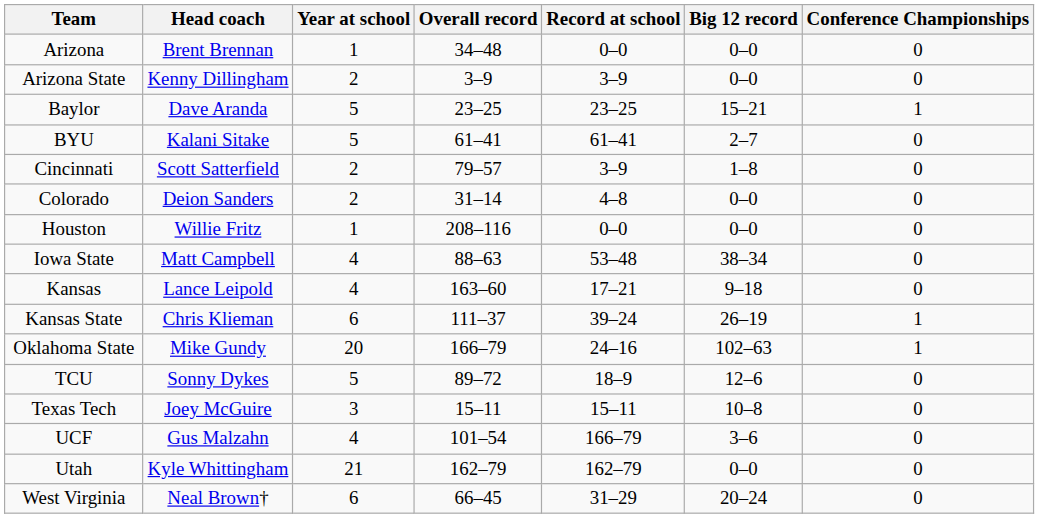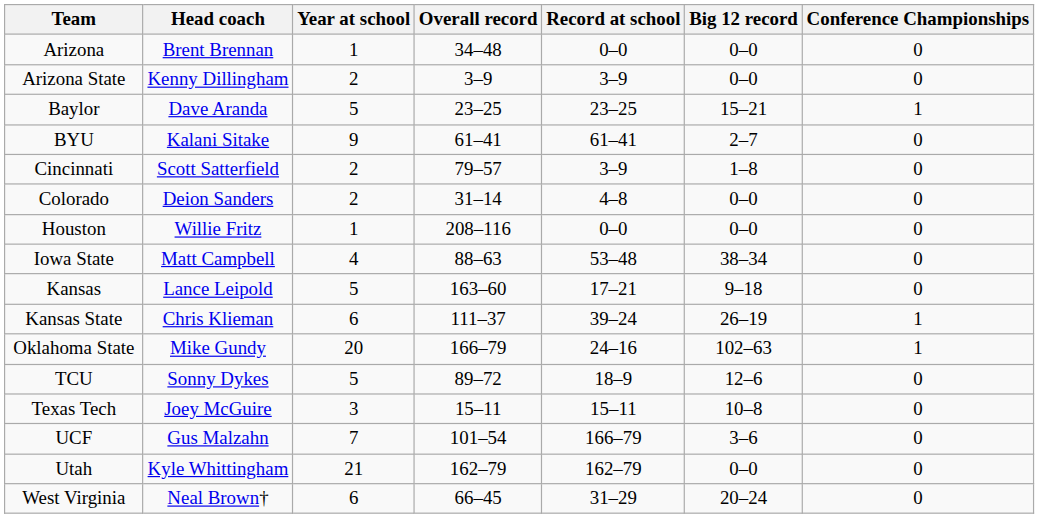 <table class="wikitable sortable" style="text-align: center;">
 <tr>
 <th style="width:110px;">Team</th>
 <th>Head coach</th>
 <th>Year at school</th>
 <th>Overall record</th>
 <th>Record at school</th>
 <th>Big 12 record</th>
 <th>Conference Championships</th>
 </tr>
 <tr>
 <td>Arizona</td>
 <td><a href='#'>Brent Brennan</a></td>
 <td>1</td>
 <td>34–48</td>
 <td>0–0</td>
 <td>0–0</td>
 <td>0</td>
 </tr>
 <tr>
 <td>Arizona State</td>
 <td><a href='#'>Kenny Dillingham</a></td>
 <td>2</td>
 <td>3–9</td>
 <td>3–9</td>
 <td>0–0</td>
 <td>0</td>
 </tr>
 <tr>
 <td>Baylor</td>
 <td><a href='#'>Dave Aranda</a></td>
 <td>5</td>
 <td>23–25</td>
 <td>23–25</td>
 <td>15–21</td>
 <td>1</td>
 </tr>
 <tr>
 <td>BYU</td>
 <td><a href='#'>Kalani Sitake</a></td>
-<td>5</td>
+<td>9</td>
 <td>61–41</td>
 <td>61–41</td>
 <td>2–7</td>
 <td>0</td>
 </tr>
 <tr>
 <td>Cincinnati</td>
 <td><a href='#'>Scott Satterfield</a></td>
 <td>2</td>
 <td>79–57</td>
 <td>3–9</td>
 <td>1–8</td>
 <td>0</td>
 </tr>
 <tr>
 <td>Colorado</td>
 <td><a href='#'>Deion Sanders</a></td>
 <td>2</td>
 <td>31–14</td>
 <td>4–8</td>
 <td>0–0</td>
 <td>0</td>
 </tr>
 <tr>
 <td>Houston</td>
 <td><a href='#'>Willie Fritz</a></td>
 <td>1</td>
 <td>208–116</td>
 <td>0–0</td>
 <td>0–0</td>
 <td>0</td>
 </tr>
 <tr>
 <td>Iowa State</td>
 <td><a href='#'>Matt Campbell</a></td>
 <td>4</td>
 <td>88–63</td>
 <td>53–48</td>
 <td>38–34</td>
 <td>0</td>
 </tr>
 <tr>
 <td>Kansas</td>
 <td><a href='#'>Lance Leipold</a></td>
-<td>4</td>
+<td>5</td>
 <td>163–60</td>
 <td>17–21</td>
 <td>9–18</td>
 <td>0</td>
 </tr>
 <tr>
 <td>Kansas State</td>
 <td><a href='#'>Chris Klieman</a></td>
 <td>6</td>
 <td>111–37</td>
 <td>39–24</td>
 <td>26–19</td>
 <td>1</td>
 </tr>
 <tr>
 <td>Oklahoma State</td>
 <td><a href='#'>Mike Gundy</a></td>
 <td>20</td>
 <td>166–79</td>
 <td>24–16</td>
 <td>102–63</td>
 <td>1</td>
 </tr>
 <tr>
 <td>TCU</td>
 <td><a href='#'>Sonny Dykes</a></td>
 <td>5</td>
 <td>89–72</td>
 <td>18–9</td>
 <td>12–6</td>
 <td>0</td>
 </tr>
 <tr>
 <td>Texas Tech</td>
 <td><a href='#'>Joey McGuire</a></td>
 <td>3</td>
 <td>15–11</td>
 <td>15–11</td>
 <td>10–8</td>
 <td>0</td>
 </tr>
 <tr>
 <td>UCF</td>
 <td><a href='#'>Gus Malzahn</a></td>
-<td>4</td>
+<td>7</td>
 <td>101–54</td>
 <td>166–79</td>
 <td>3–6</td>
 <td>0</td>
 </tr>
 <tr>
 <td>Utah</td>
 <td><a href='#'>Kyle Whittingham</a></td>
 <td>21</td>
 <td>162–79</td>
 <td>162–79</td>
 <td>0–0</td>
 <td>0</td>
 </tr>
 <tr>
 <td>West Virginia</td>
 <td><a href='#'>Neal Brown</a>†</td>
 <td>6</td>
 <td>66–45</td>
 <td>31–29</td>
 <td>20–24</td>
 <td>0</td>
 </tr>
 </table>
